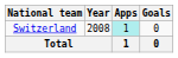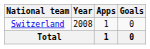 <table class="wikitable" style="text-align:center">
 <tr>
 <th>National team</th>
 <th>Year</th>
 <th>Apps</th>
 <th>Goals</th>
 </tr>
 <tr>
 <td><a href='#'>Switzerland</a></td>
 <td>2008</td>
-<td style="background: paleturquoise;">1</td>
+<td>1</td>
 <td>0</td>
 </tr>
 <tr>
 <th colspan="2">Total</th>
 <th>1</th>
 <th>0</th>
 </tr>
 </table>
